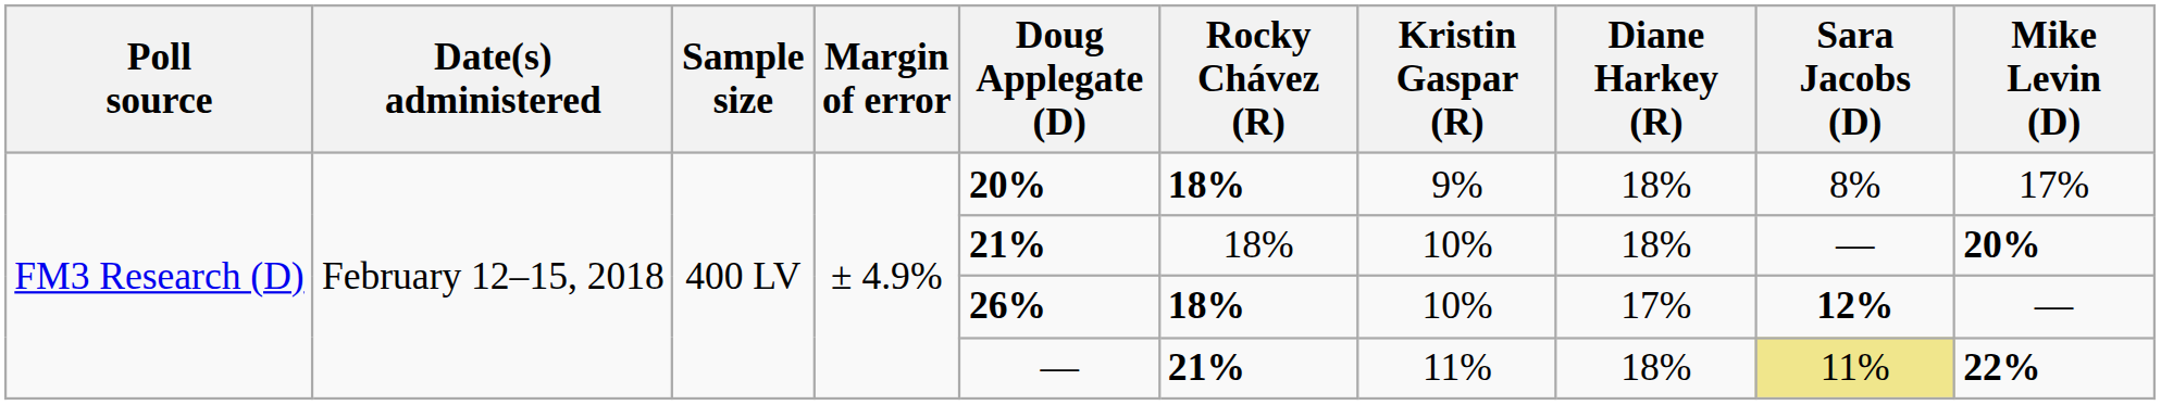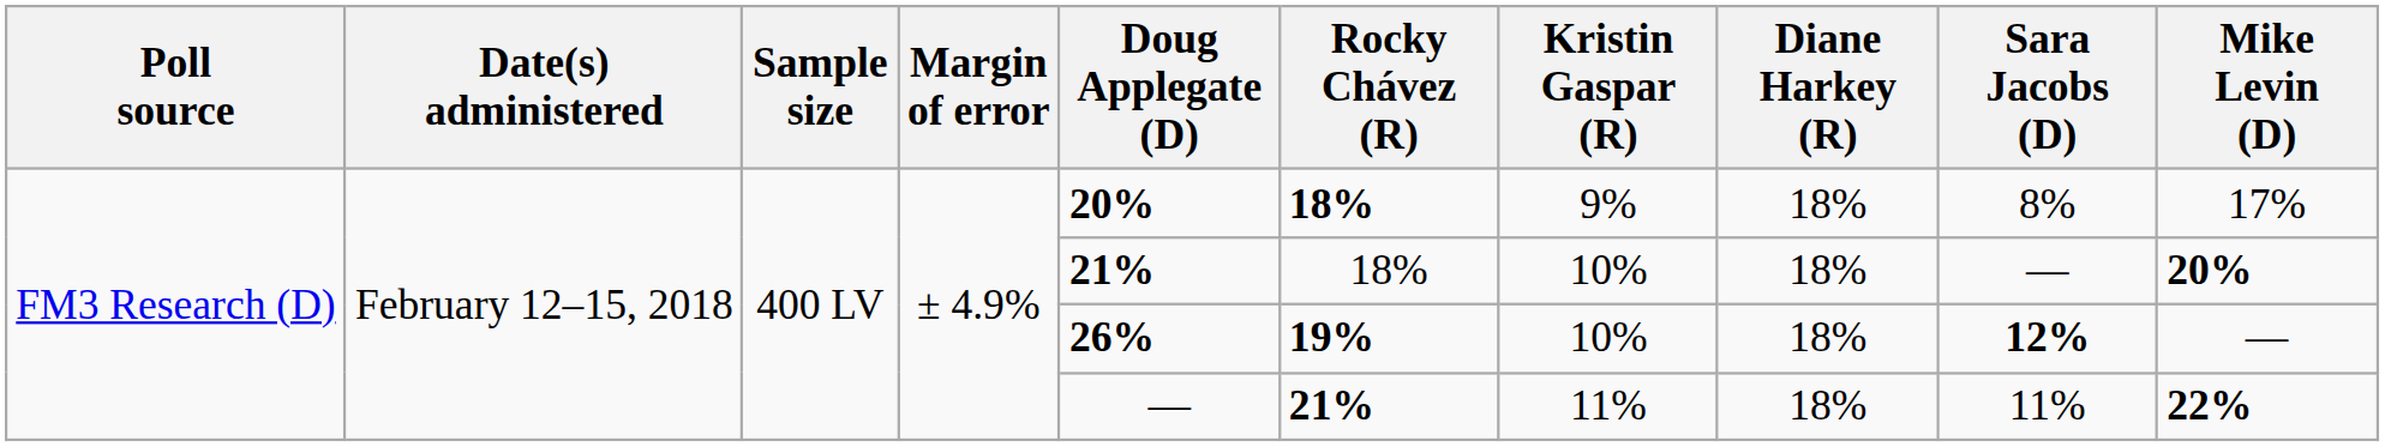 <table class="wikitable">
 <tr>
 <th>Poll<br>source</th>
 <th>Date(s)<br>administered</th>
 <th>Sample<br>size</th>
 <th>Margin<br>of error</th>
 <th style="width:75px">Doug<br>Applegate<br>(D)</th>
 <th style="width:75px">Rocky<br>Chávez<br>(R)</th>
 <th style="width:75px">Kristin<br>Gaspar<br>(R)</th>
 <th style="width:75px">Diane<br>Harkey<br>(R)</th>
 <th style="width:75px">Sara<br>Jacobs<br>(D)</th>
 <th style="width:75px">Mike<br>Levin<br>(D)</th>
 </tr>
 <tr>
 <td rowspan=4><a href='#'>FM3 Research (D)</a></td>
 <td rowspan=4; style="text-align:center">February 12–15, 2018</td>
 <td rowspan=4; style="text-align:center">400 LV</td>
 <td rowspan=4; style="text-align:center">± 4.9%</td>
 <td style="background-color:"><strong>20%</strong></td>
 <td style="background-color:"><strong>18%</strong></td>
 <td style="text-align:center">9%</td>
 <td style="text-align:center">18%</td>
 <td style="text-align:center">8%</td>
 <td style="text-align:center">17%</td>
 </tr>
 <tr>
 <td style="background-color:"><strong>21%</strong></td>
 <td style="text-align:center">18%</td>
 <td style="text-align:center">10%</td>
 <td style="text-align:center">18%</td>
 <td style="text-align:center">—</td>
 <td style="background-color:"><strong>20%</strong></td>
 </tr>
 <tr>
 <td style="background-color:"><strong>26%</strong></td>
-<td style="background-color:"><strong>18%</strong></td>
+<td style="background-color:"><strong>19%</strong></td>
 <td style="text-align:center">10%</td>
-<td style="text-align:center">17%</td>
+<td style="text-align:center">18%</td>
 <td style="text-align:center"><strong>12%</strong></td>
 <td style="text-align:center">—</td>
 </tr>
 <tr>
 <td style="text-align:center">—</td>
 <td style="background-color:"><strong>21%</strong></td>
 <td style="text-align:center">11%</td>
 <td style="text-align:center">18%</td>
-<td style="background: khaki; text-align:center">11%</td>
+<td style="text-align:center">11%</td>
 <td style="background-color:"><strong>22%</strong></td>
 </tr>
 </table>
